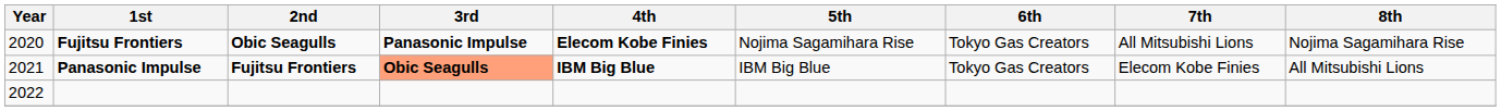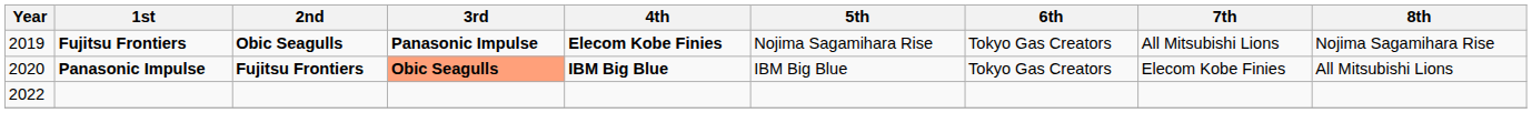 <table class="wikitable" style="text-align:left;width:95%;">
 <tr>
 <th>Year</th>
 <th>1st</th>
 <th>2nd</th>
 <th>3rd</th>
 <th>4th</th>
 <th>5th</th>
 <th>6th</th>
 <th>7th</th>
 <th>8th</th>
 </tr>
 <tr>
-<td>2020</td>
+<td>2019</td>
 <td><strong>Fujitsu Frontiers</strong></td>
 <td><strong>Obic Seagulls</strong></td>
 <td><strong>Panasonic Impulse</strong></td>
 <td><strong>Elecom Kobe Finies</strong></td>
 <td>Nojima Sagamihara Rise</td>
 <td>Tokyo Gas Creators</td>
 <td>All Mitsubishi Lions</td>
 <td>Nojima Sagamihara Rise</td>
 </tr>
 <tr>
-<td>2021</td>
+<td>2020</td>
 <td><strong>Panasonic Impulse</strong></td>
 <td><strong>Fujitsu Frontiers</strong></td>
 <td style="background: lightsalmon;"><strong>Obic Seagulls</strong></td>
 <td><strong>IBM Big Blue</strong></td>
 <td>IBM Big Blue</td>
 <td>Tokyo Gas Creators</td>
 <td>Elecom Kobe Finies</td>
 <td>All Mitsubishi Lions</td>
 </tr>
 <tr>
 <td>2022</td>
 <td></td>
 <td></td>
 <td></td>
 <td></td>
 <td></td>
 <td></td>
 <td></td>
 <td></td>
 </tr>
 <tr>
 </tr>
 </table>
